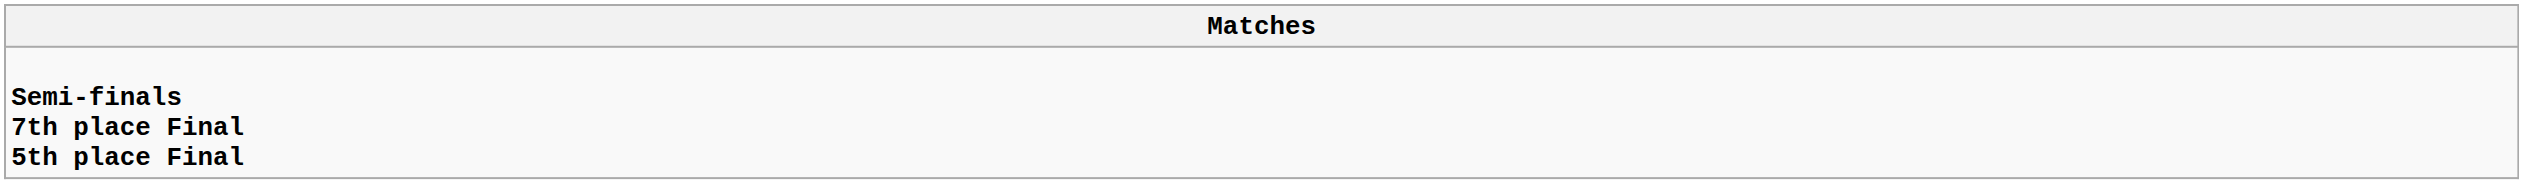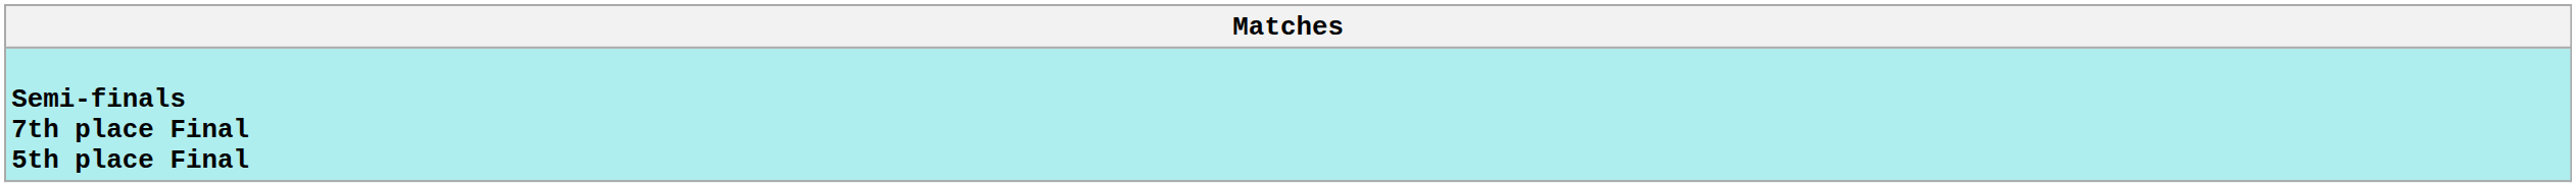 <table class="wikitable collapsible collapsed" style="width:100%;">
 <tr>
 <th>Matches</th>
 </tr>
 <tr>
-<td><br><strong>Semi-finals</strong>  <br><strong>7th place Final</strong> <br><strong>5th place Final</strong> </td>
+<td style="background: paleturquoise;"><br><strong>Semi-finals</strong>  <br><strong>7th place Final</strong> <br><strong>5th place Final</strong> </td>
 </tr>
 </table>
